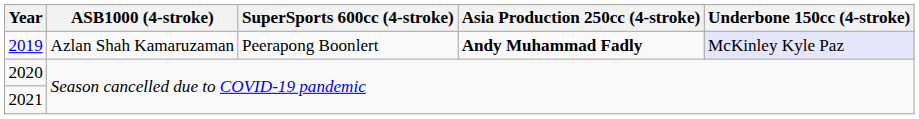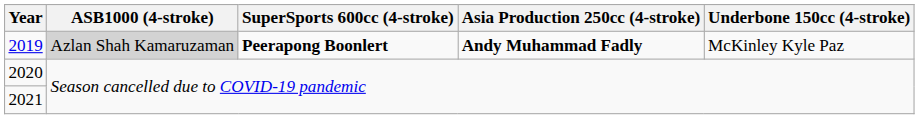 <table class="wikitable">
 <tr>
 <th>Year</th>
 <th>ASB1000 (4-stroke)</th>
 <th>SuperSports 600cc (4-stroke)</th>
 <th>Asia Production 250cc (4-stroke)</th>
 <th>Underbone 150cc (4-stroke)</th>
 </tr>
 <tr>
 <td><a href='#'>2019</a></td>
-<td> Azlan Shah Kamaruzaman</td>
-<td> Peerapong Boonlert</td>
+<td style="background: lightgrey;"> Azlan Shah Kamaruzaman</td>
+<td><strong> Peerapong Boonlert</strong></td>
 <td><strong> Andy Muhammad Fadly</strong></td>
-<td style="background: lavender;"> McKinley Kyle Paz</td>
+<td> McKinley Kyle Paz</td>
 </tr>
 <tr>
 <td>2020</td>
 <td colspan=4 rowspan=2><em>Season cancelled due to <a href='#'>COVID-19 pandemic</a></em></td>
 </tr>
 <tr>
 <td>2021</td>
 </tr>
 </table>
